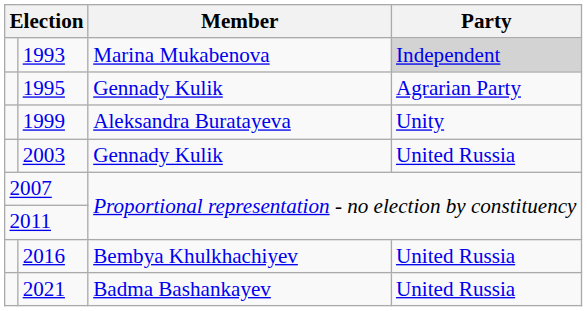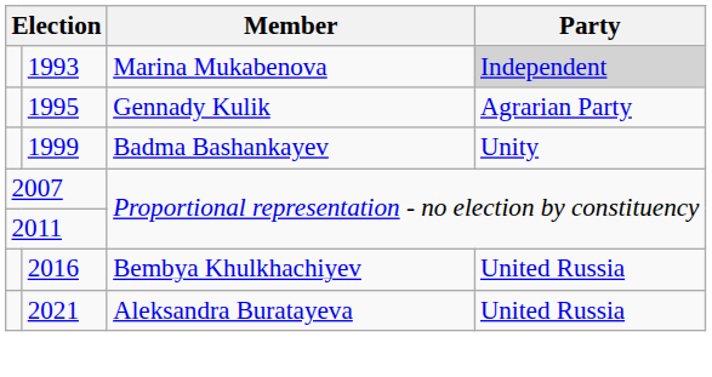 <table class="wikitable">
 <tr>
 <th colspan="2">Election</th>
 <th>Member</th>
 <th>Party</th>
 </tr>
 <tr>
 <td style="background-color:"></td>
 <td><a href='#'>1993</a></td>
 <td><a href='#'>Marina Mukabenova</a></td>
 <td style="background: lightgrey;"><a href='#'>Independent</a></td>
 </tr>
 <tr>
 <td style="background-color:"></td>
 <td><a href='#'>1995</a></td>
 <td><a href='#'>Gennady Kulik</a></td>
 <td><a href='#'>Agrarian Party</a></td>
 </tr>
 <tr>
 <td style="background-color:"></td>
 <td><a href='#'>1999</a></td>
-<td><a href='#'>Aleksandra Buratayeva</a></td>
+<td><a href='#'>Badma Bashankayev</a></td>
 <td><a href='#'>Unity</a></td>
-</tr>
-<tr>
-<td style="background-color:"></td>
-<td><a href='#'>2003</a></td>
-<td><a href='#'>Gennady Kulik</a></td>
-<td><a href='#'>United Russia</a></td>
 </tr>
 <tr>
 <td colspan=2><a href='#'>2007</a></td>
 <td colspan=2 rowspan=2><em><a href='#'>Proportional representation</a> - no election by constituency</em></td>
 </tr>
 <tr>
 <td colspan=2><a href='#'>2011</a></td>
 </tr>
 <tr>
 <td style="background-color: "></td>
 <td><a href='#'>2016</a></td>
 <td><a href='#'>Bembya Khulkhachiyev</a></td>
 <td><a href='#'>United Russia</a></td>
 </tr>
 <tr>
 <td style="background-color: "></td>
 <td><a href='#'>2021</a></td>
-<td><a href='#'>Badma Bashankayev</a></td>
+<td><a href='#'>Aleksandra Buratayeva</a></td>
 <td><a href='#'>United Russia</a></td>
 </tr>
 </table>
